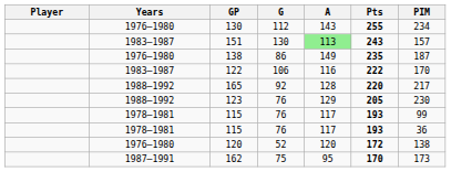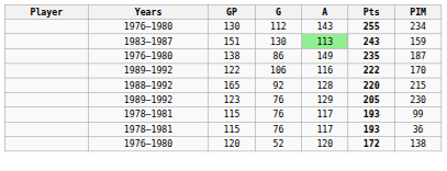 <table class="wikitable sortable" style="text-align:center" width=50%>
 <tr>
 <th>Player</th>
 <th>Years</th>
 <th>GP</th>
 <th>G</th>
 <th>A</th>
 <th>Pts</th>
 <th>PIM</th>
 </tr>
 <tr>
 <td></td>
 <td>1976–1980</td>
 <td>130</td>
 <td>112</td>
 <td>143</td>
 <td><strong>255</strong></td>
 <td>234</td>
 </tr>
 <tr>
 <td></td>
 <td>1983–1987</td>
 <td>151</td>
 <td>130</td>
 <td style="background: lightgreen;">113</td>
 <td><strong>243</strong></td>
-<td>157</td>
+<td>159</td>
 </tr>
 <tr>
 <td></td>
 <td>1976–1980</td>
 <td>138</td>
 <td>86</td>
 <td>149</td>
 <td><strong>235</strong></td>
 <td>187</td>
 </tr>
 <tr>
 <td></td>
-<td>1983–1987</td>
+<td>1989–1992</td>
 <td>122</td>
 <td>106</td>
 <td>116</td>
 <td><strong>222</strong></td>
 <td>170</td>
 </tr>
 <tr>
 <td></td>
 <td>1988–1992</td>
 <td>165</td>
 <td>92</td>
 <td>128</td>
 <td><strong>220</strong></td>
-<td>217</td>
+<td>215</td>
 </tr>
 <tr>
 <td></td>
-<td>1988–1992</td>
+<td>1989–1992</td>
 <td>123</td>
 <td>76</td>
 <td>129</td>
 <td><strong>205</strong></td>
 <td>230</td>
 </tr>
 <tr>
 <td></td>
 <td>1978–1981</td>
 <td>115</td>
 <td>76</td>
 <td>117</td>
 <td><strong>193</strong></td>
 <td>99</td>
 </tr>
 <tr>
 <td></td>
 <td>1978–1981</td>
 <td>115</td>
 <td>76</td>
 <td>117</td>
 <td><strong>193</strong></td>
 <td>36</td>
 </tr>
 <tr>
 <td></td>
 <td>1976–1980</td>
 <td>120</td>
 <td>52</td>
 <td>120</td>
 <td><strong>172</strong></td>
 <td>138</td>
 </tr>
-<tr>
-<td></td>
-<td>1987–1991</td>
-<td>162</td>
-<td>75</td>
-<td>95</td>
-<td><strong>170</strong></td>
-<td>173</td>
-</tr>
 </table>
